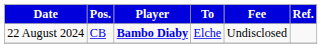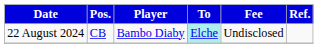 <table class="wikitable plainrowheaders sortable">
 <tr>
 <th style="background:#0000DD;color:#FFFFFF;">Date</th>
 <th style="background:#0000DD;color:#FFFFFF;">Pos.</th>
 <th style="background:#0000DD;color:#FFFFFF;">Player</th>
 <th style="background:#0000DD;color:#FFFFFF;">To</th>
 <th style="background:#0000DD;color:#FFFFFF;">Fee</th>
 <th style="background:#0000DD;color:#FFFFFF;">Ref.</th>
 </tr>
 <tr>
 <td>22 August 2024</td>
 <td><a href='#'>CB</a></td>
-<td><strong> <a href='#'>Bambo Diaby</a></strong></td>
-<td> <a href='#'>Elche</a></td>
+<td> <a href='#'>Bambo Diaby</a></td>
+<td style="background: paleturquoise;"> <a href='#'>Elche</a></td>
 <td>Undisclosed</td>
 <td></td>
 </tr>
 <tr>
 </tr>
 </table>
